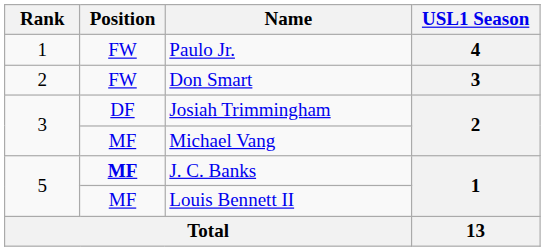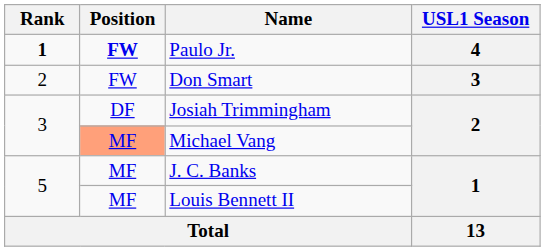 <table class="wikitable" style="text-align:center;">
 <tr>
 <th style="width:56px;">Rank</th>
 <th style="width:64px;">Position</th>
 <th style="width:200px;">Name</th>
 <th style="width:100px;"><a href='#'>USL1 Season</a></th>
 </tr>
 <tr>
-<td>1</td>
-<td><a href='#'>FW</a></td>
+<td><strong>1</strong></td>
+<td><strong><a href='#'>FW</a></strong></td>
 <td align="left"> <a href='#'>Paulo Jr.</a></td>
 <th>4</th>
 </tr>
 <tr>
 <td>2</td>
 <td><a href='#'>FW</a></td>
 <td align="left"> <a href='#'>Don Smart</a></td>
 <th>3</th>
 </tr>
 <tr>
 <td rowspan="2">3</td>
 <td><a href='#'>DF</a></td>
 <td align="left"> <a href='#'>Josiah Trimmingham</a></td>
 <th rowspan="2">2</th>
 </tr>
 <tr>
-<td><a href='#'>MF</a></td>
+<td style="background: lightsalmon;"><a href='#'>MF</a></td>
 <td align="left"> <a href='#'>Michael Vang</a></td>
 </tr>
 <tr>
 <td rowspan="2">5</td>
-<td><strong><a href='#'>MF</a></strong></td>
+<td><a href='#'>MF</a></td>
 <td align="left"> <a href='#'>J. C. Banks</a></td>
 <th rowspan="2">1</th>
 </tr>
 <tr>
 <td><a href='#'>MF</a></td>
 <td align="left"> <a href='#'>Louis Bennett II</a></td>
 </tr>
 <tr>
 <th colspan="3">Total</th>
 <th>13</th>
 </tr>
 </table>
